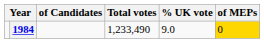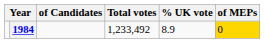 <table class="wikitable sortable">
 <tr>
 <th colspan="2">Year</th>
 <th> of Candidates</th>
 <th>Total votes</th>
 <th>% UK vote</th>
 <th> of MEPs</th>
 </tr>
 <tr>
 <td width="1"></td>
 <th style="text-align:left;"><a href='#'>1984</a></th>
 <td></td>
-<td>1,233,490</td>
-<td>9.0</td>
+<td>1,233,492</td>
+<td>8.9</td>
 <td style="background: gold;">0</td>
 </tr>
 </table>
